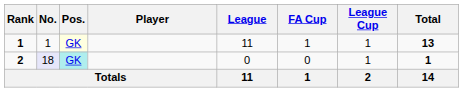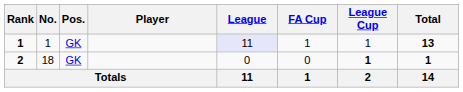 <table class="wikitable sortable alternance" style="text-align:center">
 <tr>
 <th style="width:10px">Rank</th>
 <th style="width:10px">No.</th>
 <th style="width:10px">Pos.</th>
 <th style="width:180px">Player</th>
 <th style="width:80px"><a href='#'>League</a></th>
 <th style="width:80px"><a href='#'>FA Cup</a></th>
 <th style="width:80px"><a href='#'>League Cup</a></th>
 <th style="width:80px">Total</th>
 </tr>
 <tr>
 <td><strong>1</strong></td>
 <td>1</td>
-<td style="background: lightyellow;"><a href='#'>GK</a></td>
+<td><a href='#'>GK</a></td>
 <td align="left"></td>
-<td>11</td>
+<td style="background: lavender;">11</td>
 <td>1</td>
 <td>1</td>
 <td><strong>13</strong></td>
 </tr>
 <tr>
 <td><strong>2</strong></td>
-<td style="background: lavender;">18</td>
-<td style="background: paleturquoise;"><a href='#'>GK</a></td>
+<td>18</td>
+<td><a href='#'>GK</a></td>
 <td align="left"></td>
 <td>0</td>
 <td>0</td>
-<td>1</td>
+<td><strong>1</strong></td>
 <td><strong>1</strong></td>
 </tr>
 <tr>
 <th colspan=4><strong>Totals</strong></th>
 <th>11</th>
 <th>1</th>
 <th>2</th>
 <th><strong>14</strong></th>
 </tr>
 </table>
